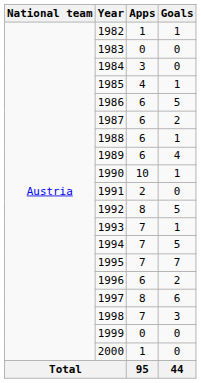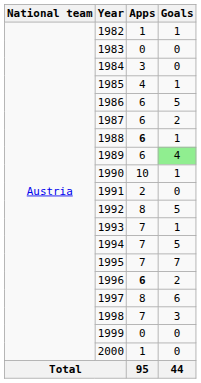 <table class="wikitable" style="text-align:center">
 <tr>
 <th>National team</th>
 <th>Year</th>
 <th>Apps</th>
 <th>Goals</th>
 </tr>
 <tr>
 <td rowspan="19"><a href='#'>Austria</a></td>
 <td>1982</td>
 <td>1</td>
 <td>1</td>
 </tr>
 <tr>
 <td>1983</td>
 <td>0</td>
 <td>0</td>
 </tr>
 <tr>
 <td>1984</td>
 <td>3</td>
 <td>0</td>
 </tr>
 <tr>
 <td>1985</td>
 <td>4</td>
 <td>1</td>
 </tr>
 <tr>
 <td>1986</td>
 <td>6</td>
 <td>5</td>
 </tr>
 <tr>
 <td>1987</td>
 <td>6</td>
 <td>2</td>
 </tr>
 <tr>
 <td>1988</td>
-<td>6</td>
+<td><strong>6</strong></td>
 <td>1</td>
 </tr>
 <tr>
 <td>1989</td>
 <td>6</td>
-<td>4</td>
+<td style="background: lightgreen;">4</td>
 </tr>
 <tr>
 <td>1990</td>
 <td>10</td>
 <td>1</td>
 </tr>
 <tr>
 <td>1991</td>
 <td>2</td>
 <td>0</td>
 </tr>
 <tr>
 <td>1992</td>
 <td>8</td>
 <td>5</td>
 </tr>
 <tr>
 <td>1993</td>
 <td>7</td>
 <td>1</td>
 </tr>
 <tr>
 <td>1994</td>
 <td>7</td>
 <td>5</td>
 </tr>
 <tr>
 <td>1995</td>
 <td>7</td>
 <td>7</td>
 </tr>
 <tr>
 <td>1996</td>
-<td>6</td>
+<td><strong>6</strong></td>
 <td>2</td>
 </tr>
 <tr>
 <td>1997</td>
 <td>8</td>
 <td>6</td>
 </tr>
 <tr>
 <td>1998</td>
 <td>7</td>
 <td>3</td>
 </tr>
 <tr>
 <td>1999</td>
 <td>0</td>
 <td>0</td>
 </tr>
 <tr>
 <td>2000</td>
 <td>1</td>
 <td>0</td>
 </tr>
 <tr>
 <th colspan="2">Total</th>
 <th>95</th>
 <th>44</th>
 </tr>
 </table>
